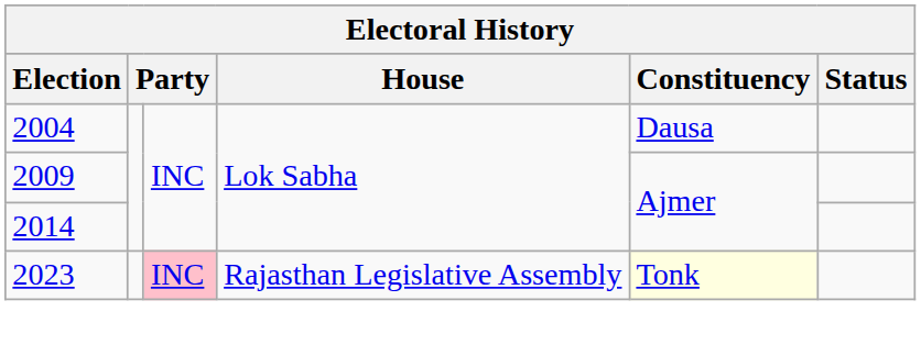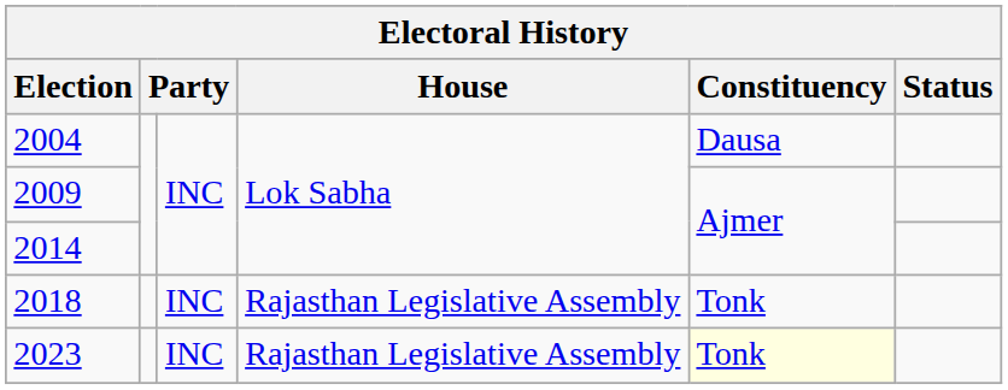 <table class="wikitable">
 <tr>
 <th colspan = "6">Electoral History</th>
 </tr>
 <tr>
 <th>Election</th>
 <th colspan = "2">Party</th>
 <th>House</th>
 <th>Constituency</th>
 <th>Status</th>
 </tr>
 <tr>
 <td><a href='#'>2004</a></td>
 <td rowspan="3" style="background-color: "></td>
 <td rowspan    = "3"><a href='#'>INC</a></td>
 <td rowspan = "3"><a href='#'>Lok Sabha</a></td>
 <td rowspan    = "1"><a href='#'>Dausa</a></td>
 <td rowspan     = "1"><strong></strong></td>
 </tr>
 <tr>
 <td><a href='#'>2009</a></td>
 <td rowspan    = "2"><a href='#'>Ajmer</a></td>
 <td rowspan     = "1"><strong></strong></td>
 </tr>
 <tr>
 <td><a href='#'>2014</a></td>
 <td><strong></strong></td>
 </tr>
 <tr>
+<td><a href='#'>2018</a></td>
+<td style="background-color: "></td>
+<td><a href='#'>INC</a></td>
+<td><a href='#'>Rajasthan Legislative Assembly</a></td>
+<td><a href='#'>Tonk</a></td>
+<td><strong></strong></td>
+</tr>
+<tr>
 <td><a href='#'>2023</a></td>
 <td style="background-color: "></td>
-<td style="background: pink;"><a href='#'>INC</a></td>
+<td><a href='#'>INC</a></td>
 <td><a href='#'>Rajasthan Legislative Assembly</a></td>
 <td style="background: lightyellow;"><a href='#'>Tonk</a></td>
 <td><strong></strong></td>
 </tr>
 </table>
